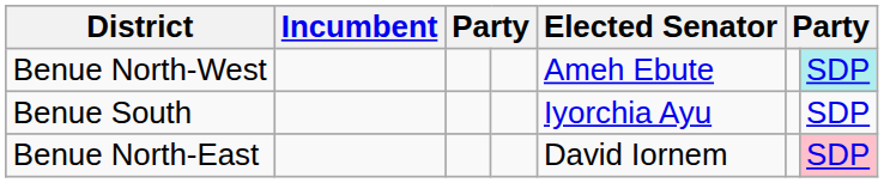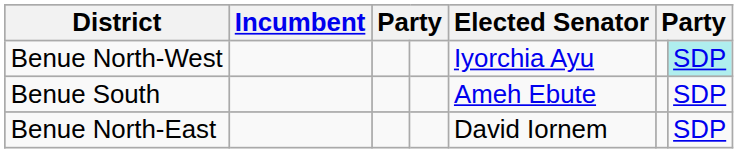 <table class="sortable wikitable" style="font-size:95%;line-height:14px;">
 <tr>
 <th class="unsortable">District</th>
 <th class="unsortable"><a href='#'>Incumbent</a></th>
 <th colspan="2">Party</th>
 <th class="unsortable">Elected Senator</th>
 <th colspan="2">Party</th>
 </tr>
 <tr>
 <td>Benue North-West</td>
 <td></td>
 <td></td>
 <td></td>
-<td><a href='#'>Ameh Ebute</a></td>
+<td><a href='#'>Iyorchia Ayu</a></td>
 <td style="background:"></td>
 <td style="background: paleturquoise;"><a href='#'>SDP</a></td>
 </tr>
 <tr>
 <td>Benue South</td>
 <td></td>
 <td></td>
 <td></td>
-<td><a href='#'>Iyorchia Ayu</a></td>
+<td><a href='#'>Ameh Ebute</a></td>
 <td style="background:"></td>
 <td><a href='#'>SDP</a></td>
 </tr>
 <tr>
 <td>Benue North-East</td>
 <td></td>
 <td></td>
 <td></td>
 <td>David Iornem</td>
 <td style="background:"></td>
-<td style="background: pink;"><a href='#'>SDP</a></td>
+<td><a href='#'>SDP</a></td>
 </tr>
 </table>
